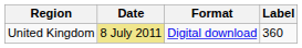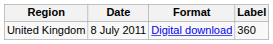 <table class=wikitable>
 <tr>
 <th>Region</th>
 <th>Date</th>
 <th>Format</th>
 <th>Label</th>
 </tr>
 <tr>
 <td rowspan="2">United Kingdom</td>
-<td style="background: khaki;">8 July 2011</td>
+<td>8 July 2011</td>
 <td><a href='#'>Digital download</a></td>
 <td rowspan="2">360</td>
 </tr>
 </table>
